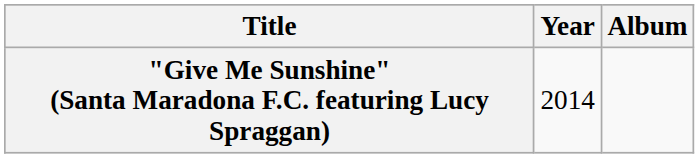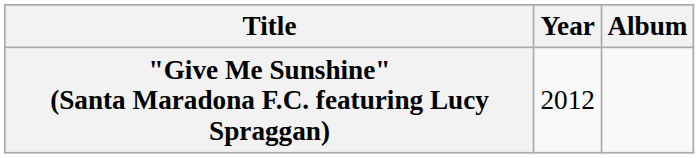 <table class="wikitable plainrowheaders" style="text-align:center;">
 <tr>
 <th scope="col" style="width:19em;">Title</th>
 <th scope="col" style="width:1em;">Year</th>
 <th scope="col">Album</th>
 </tr>
 <tr>
 <th scope="row">"Give Me Sunshine"<br><span>(Santa Maradona F.C. featuring Lucy Spraggan)</span></th>
-<td>2014</td>
+<td>2012</td>
 <td></td>
 </tr>
 </table>
